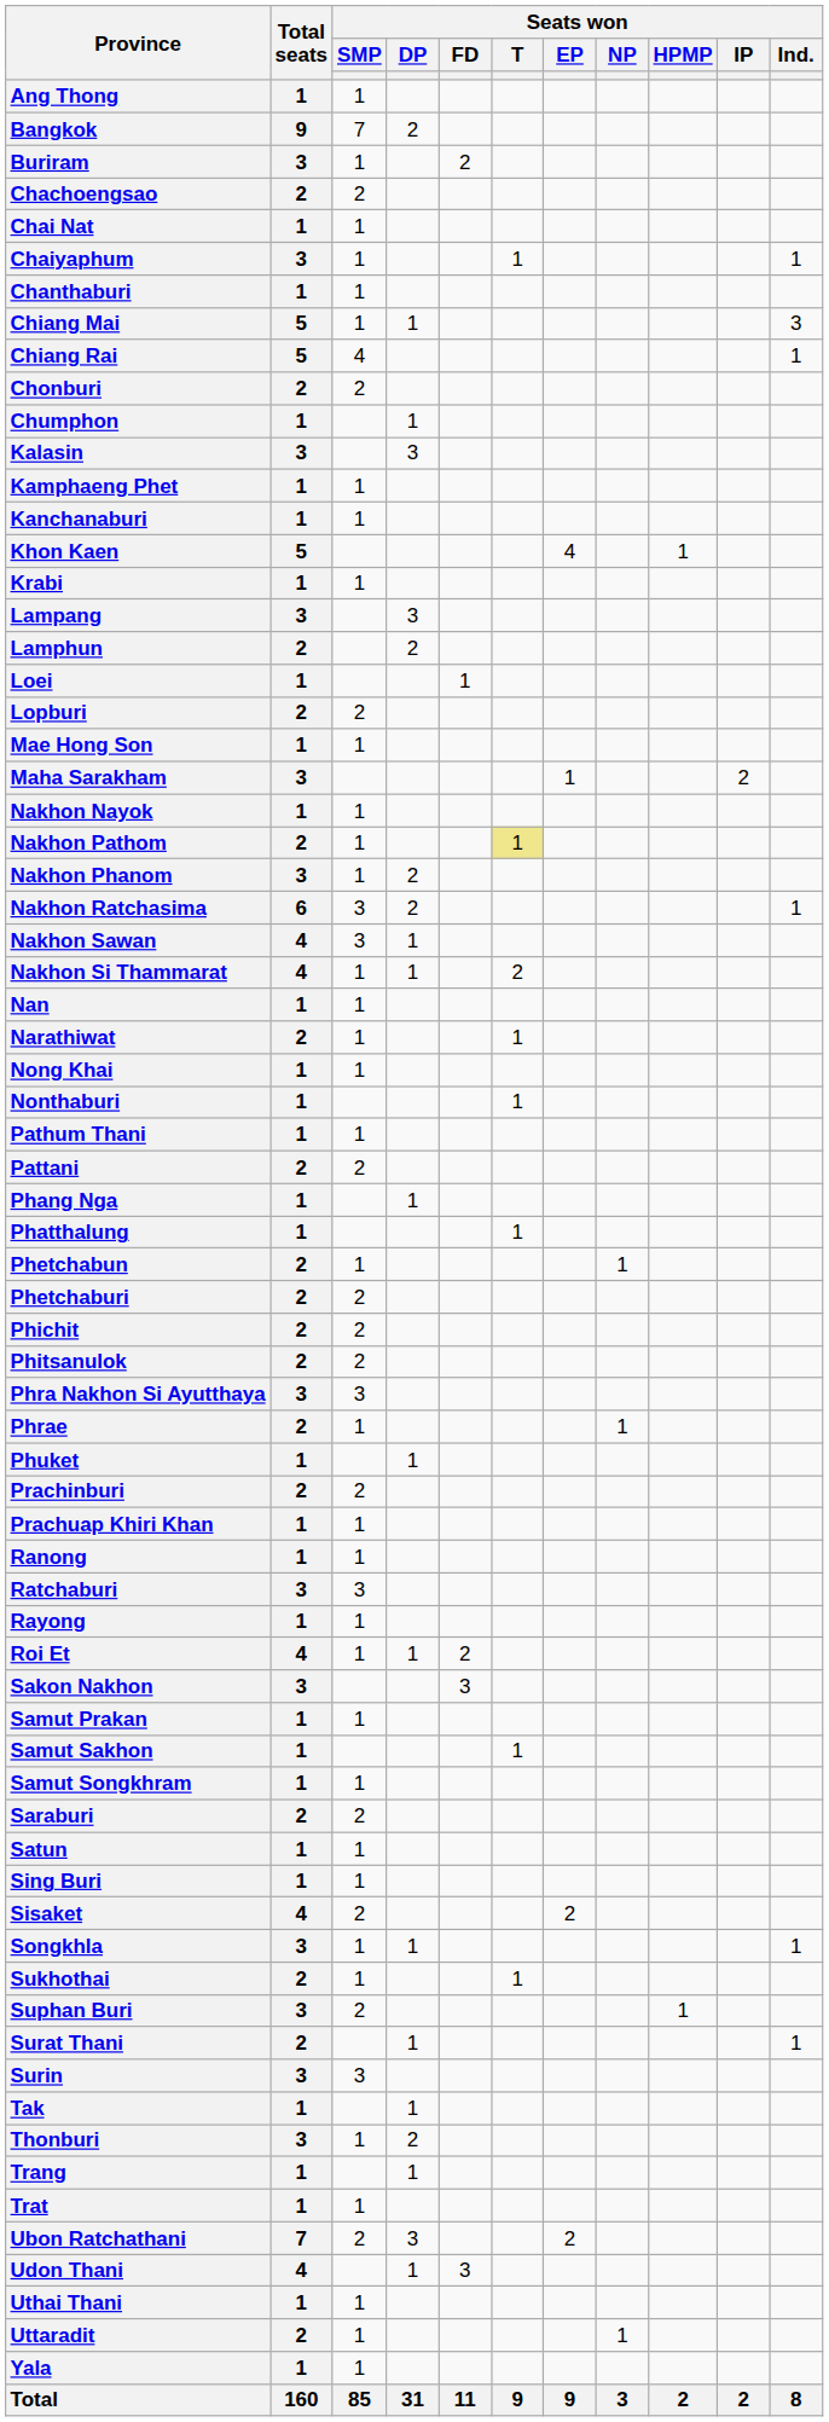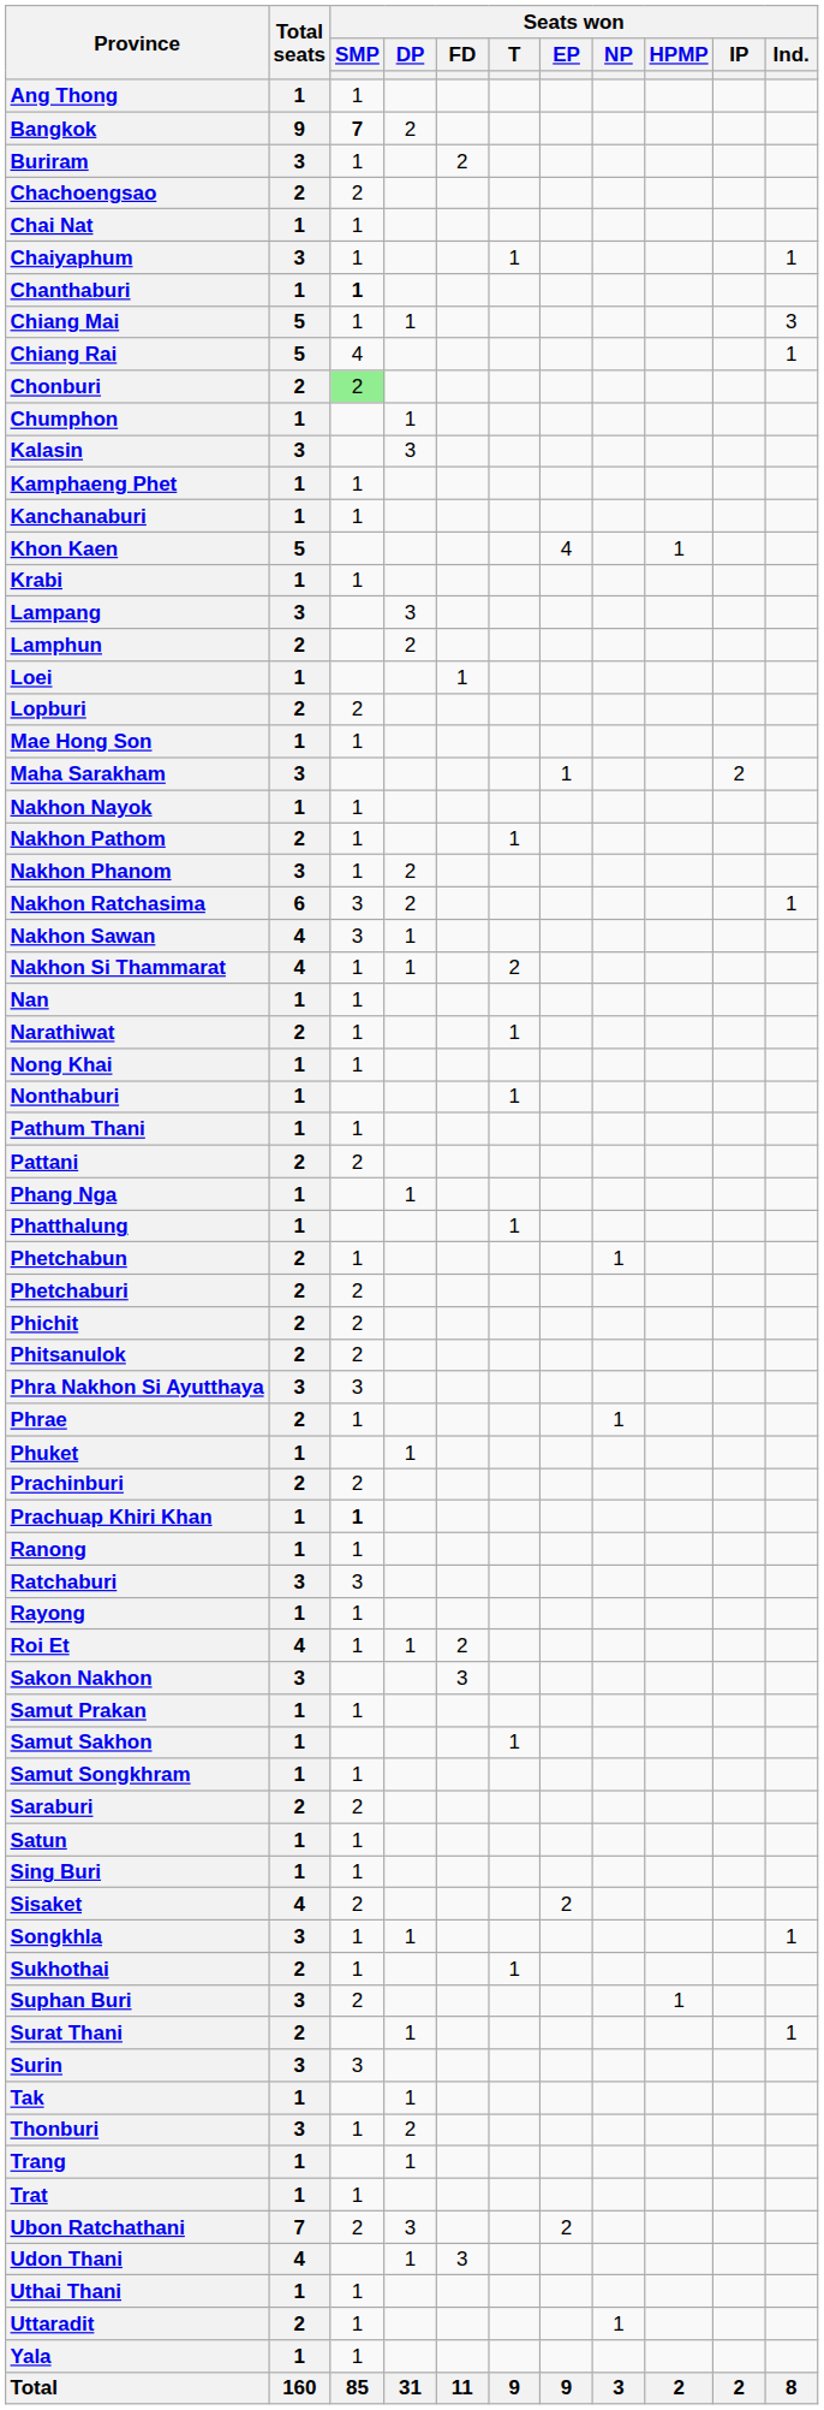 <table class="wikitable" style="text-align:center; font-size: 0.9em;">
 <tr>
 <th rowspan="3">Province</th>
 <th rowspan="3">Total<br>seats</th>
 <th colspan="9">Seats won</th>
 </tr>
 <tr>
 <th class="unsortable" style="width:30px;"><a href='#'>SMP</a></th>
 <th class="unsortable" style="width:30px;"><a href='#'>DP</a></th>
 <th class="unsortable" style="width:30px;">FD</th>
 <th class="unsortable" style="width:30px;">T</th>
 <th class="unsortable" style="width:30px;"><a href='#'>EP</a></th>
 <th class="unsortable" style="width:30px;"><a href='#'>NP</a></th>
 <th class="unsortable" style="width:30px;"><a href='#'>HPMP</a></th>
 <th class="unsortable" style="width:30px;">IP</th>
 <th class="unsortable" style="width:30px;">Ind.</th>
 </tr>
 <tr>
 <th style="background:"></th>
 <th style="background:"></th>
 <th style="background:"></th>
 <th style="background:"></th>
 <th style="background:"></th>
 <th style="background:"></th>
 <th style="background:"></th>
 <th style="background:"></th>
 <th style="background:"></th>
 </tr>
 <tr>
 <th style="text-align: left;"><a href='#'>Ang Thong</a></th>
 <th>1</th>
 <td>1</td>
 <td></td>
 <td></td>
 <td></td>
 <td></td>
 <td></td>
 <td></td>
 <td></td>
 <td></td>
 </tr>
 <tr>
 <th style="text-align: left;"><a href='#'>Bangkok</a></th>
 <th>9</th>
-<td>7</td>
+<td><strong>7</strong></td>
 <td>2</td>
 <td></td>
 <td></td>
 <td></td>
 <td></td>
 <td></td>
 <td></td>
 <td></td>
 </tr>
 <tr>
 <th style="text-align: left;"><a href='#'>Buriram</a></th>
 <th>3</th>
 <td>1</td>
 <td></td>
 <td>2</td>
 <td></td>
 <td></td>
 <td></td>
 <td></td>
 <td></td>
 <td></td>
 </tr>
 <tr>
 <th style="text-align: left;"><a href='#'>Chachoengsao</a></th>
 <th>2</th>
 <td>2</td>
 <td></td>
 <td></td>
 <td></td>
 <td></td>
 <td></td>
 <td></td>
 <td></td>
 <td></td>
 </tr>
 <tr>
 <th style="text-align: left;"><a href='#'>Chai Nat</a></th>
 <th>1</th>
 <td>1</td>
 <td></td>
 <td></td>
 <td></td>
 <td></td>
 <td></td>
 <td></td>
 <td></td>
 <td></td>
 </tr>
 <tr>
 <th style="text-align: left;"><a href='#'>Chaiyaphum</a></th>
 <th>3</th>
 <td>1</td>
 <td></td>
 <td></td>
 <td>1</td>
 <td></td>
 <td></td>
 <td></td>
 <td></td>
 <td>1</td>
 </tr>
 <tr>
 <th style="text-align: left;"><a href='#'>Chanthaburi</a></th>
 <th>1</th>
-<td>1</td>
+<td><strong>1</strong></td>
 <td></td>
 <td></td>
 <td></td>
 <td></td>
 <td></td>
 <td></td>
 <td></td>
 <td></td>
 </tr>
 <tr>
 <th style="text-align: left;"><a href='#'>Chiang Mai</a></th>
 <th>5</th>
 <td>1</td>
 <td>1</td>
 <td></td>
 <td></td>
 <td></td>
 <td></td>
 <td></td>
 <td></td>
 <td>3</td>
 </tr>
 <tr>
 <th style="text-align: left;"><a href='#'>Chiang Rai</a></th>
 <th>5</th>
 <td>4</td>
 <td></td>
 <td></td>
 <td></td>
 <td></td>
 <td></td>
 <td></td>
 <td></td>
 <td>1</td>
 </tr>
 <tr>
 <th style="text-align: left;"><a href='#'>Chonburi</a></th>
 <th>2</th>
-<td>2</td>
+<td style="background: lightgreen;">2</td>
 <td></td>
 <td></td>
 <td></td>
 <td></td>
 <td></td>
 <td></td>
 <td></td>
 <td></td>
 </tr>
 <tr>
 <th style="text-align: left;"><a href='#'>Chumphon</a></th>
 <th>1</th>
 <td></td>
 <td>1</td>
 <td></td>
 <td></td>
 <td></td>
 <td></td>
 <td></td>
 <td></td>
 <td></td>
 </tr>
 <tr>
 <th style="text-align: left;"><a href='#'>Kalasin</a></th>
 <th>3</th>
 <td></td>
 <td>3</td>
 <td></td>
 <td></td>
 <td></td>
 <td></td>
 <td></td>
 <td></td>
 <td></td>
 </tr>
 <tr>
 <th style="text-align: left;"><a href='#'>Kamphaeng Phet</a></th>
 <th>1</th>
 <td>1</td>
 <td></td>
 <td></td>
 <td></td>
 <td></td>
 <td></td>
 <td></td>
 <td></td>
 <td></td>
 </tr>
 <tr>
 <th style="text-align: left;"><a href='#'>Kanchanaburi</a></th>
 <th>1</th>
 <td>1</td>
 <td></td>
 <td></td>
 <td></td>
 <td></td>
 <td></td>
 <td></td>
 <td></td>
 <td></td>
 </tr>
 <tr>
 <th style="text-align: left;"><a href='#'>Khon Kaen</a></th>
 <th>5</th>
 <td></td>
 <td></td>
 <td></td>
 <td></td>
 <td>4</td>
 <td></td>
 <td>1</td>
 <td></td>
 <td></td>
 </tr>
 <tr>
 <th style="text-align: left;"><a href='#'>Krabi</a></th>
 <th>1</th>
 <td>1</td>
 <td></td>
 <td></td>
 <td></td>
 <td></td>
 <td></td>
 <td></td>
 <td></td>
 <td></td>
 </tr>
 <tr>
 <th style="text-align: left;"><a href='#'>Lampang</a></th>
 <th>3</th>
 <td></td>
 <td>3</td>
 <td></td>
 <td></td>
 <td></td>
 <td></td>
 <td></td>
 <td></td>
 <td></td>
 </tr>
 <tr>
 <th style="text-align: left;"><a href='#'>Lamphun</a></th>
 <th>2</th>
 <td></td>
 <td>2</td>
 <td></td>
 <td></td>
 <td></td>
 <td></td>
 <td></td>
 <td></td>
 <td></td>
 </tr>
 <tr>
 <th style="text-align: left;"><a href='#'>Loei</a></th>
 <th>1</th>
 <td></td>
 <td></td>
 <td>1</td>
 <td></td>
 <td></td>
 <td></td>
 <td></td>
 <td></td>
 <td></td>
 </tr>
 <tr>
 <th style="text-align: left;"><a href='#'>Lopburi</a></th>
 <th>2</th>
 <td>2</td>
 <td></td>
 <td></td>
 <td></td>
 <td></td>
 <td></td>
 <td></td>
 <td></td>
 <td></td>
 </tr>
 <tr>
 <th style="text-align: left;"><a href='#'>Mae Hong Son</a></th>
 <th>1</th>
 <td>1</td>
 <td></td>
 <td></td>
 <td></td>
 <td></td>
 <td></td>
 <td></td>
 <td></td>
 <td></td>
 </tr>
 <tr>
 <th style="text-align: left;"><a href='#'>Maha Sarakham</a></th>
 <th>3</th>
 <td></td>
 <td></td>
 <td></td>
 <td></td>
 <td>1</td>
 <td></td>
 <td></td>
 <td>2</td>
 <td></td>
 </tr>
 <tr>
 <th style="text-align: left;"><a href='#'>Nakhon Nayok</a></th>
 <th>1</th>
 <td>1</td>
 <td></td>
 <td></td>
 <td></td>
 <td></td>
 <td></td>
 <td></td>
 <td></td>
 <td></td>
 </tr>
 <tr>
 <th style="text-align: left;"><a href='#'>Nakhon Pathom</a></th>
 <th>2</th>
 <td>1</td>
 <td></td>
 <td></td>
-<td style="background: khaki;">1</td>
+<td>1</td>
 <td></td>
 <td></td>
 <td></td>
 <td></td>
 <td></td>
 </tr>
 <tr>
 <th style="text-align: left;"><a href='#'>Nakhon Phanom</a></th>
 <th>3</th>
 <td>1</td>
 <td>2</td>
 <td></td>
 <td></td>
 <td></td>
 <td></td>
 <td></td>
 <td></td>
 <td></td>
 </tr>
 <tr>
 <th style="text-align: left;"><a href='#'>Nakhon Ratchasima</a></th>
 <th>6</th>
 <td>3</td>
 <td>2</td>
 <td></td>
 <td></td>
 <td></td>
 <td></td>
 <td></td>
 <td></td>
 <td>1</td>
 </tr>
 <tr>
 <th style="text-align: left;"><a href='#'>Nakhon Sawan</a></th>
 <th>4</th>
 <td>3</td>
 <td>1</td>
 <td></td>
 <td></td>
 <td></td>
 <td></td>
 <td></td>
 <td></td>
 <td></td>
 </tr>
 <tr>
 <th style="text-align: left;"><a href='#'>Nakhon Si Thammarat</a></th>
 <th>4</th>
 <td>1</td>
 <td>1</td>
 <td></td>
 <td>2</td>
 <td></td>
 <td></td>
 <td></td>
 <td></td>
 <td></td>
 </tr>
 <tr>
 <th style="text-align: left;"><a href='#'>Nan</a></th>
 <th>1</th>
 <td>1</td>
 <td></td>
 <td></td>
 <td></td>
 <td></td>
 <td></td>
 <td></td>
 <td></td>
 <td></td>
 </tr>
 <tr>
 <th style="text-align: left;"><a href='#'>Narathiwat</a></th>
 <th>2</th>
 <td>1</td>
 <td></td>
 <td></td>
 <td>1</td>
 <td></td>
 <td></td>
 <td></td>
 <td></td>
 <td></td>
 </tr>
 <tr>
 <th style="text-align: left;"><a href='#'>Nong Khai</a></th>
 <th>1</th>
 <td>1</td>
 <td></td>
 <td></td>
 <td></td>
 <td></td>
 <td></td>
 <td></td>
 <td></td>
 <td></td>
 </tr>
 <tr>
 <th style="text-align: left;"><a href='#'>Nonthaburi</a></th>
 <th>1</th>
 <td></td>
 <td></td>
 <td></td>
 <td>1</td>
 <td></td>
 <td></td>
 <td></td>
 <td></td>
 <td></td>
 </tr>
 <tr>
 <th style="text-align: left;"><a href='#'>Pathum Thani</a></th>
 <th>1</th>
 <td>1</td>
 <td></td>
 <td></td>
 <td></td>
 <td></td>
 <td></td>
 <td></td>
 <td></td>
 <td></td>
 </tr>
 <tr>
 <th style="text-align: left;"><a href='#'>Pattani</a></th>
 <th>2</th>
 <td>2</td>
 <td></td>
 <td></td>
 <td></td>
 <td></td>
 <td></td>
 <td></td>
 <td></td>
 <td></td>
 </tr>
 <tr>
 <th style="text-align: left;"><a href='#'>Phang Nga</a></th>
 <th>1</th>
 <td></td>
 <td>1</td>
 <td></td>
 <td></td>
 <td></td>
 <td></td>
 <td></td>
 <td></td>
 <td></td>
 </tr>
 <tr>
 <th style="text-align: left;"><a href='#'>Phatthalung</a></th>
 <th>1</th>
 <td></td>
 <td></td>
 <td></td>
 <td>1</td>
 <td></td>
 <td></td>
 <td></td>
 <td></td>
 <td></td>
 </tr>
 <tr>
 <th style="text-align: left;"><a href='#'>Phetchabun</a></th>
 <th>2</th>
 <td>1</td>
 <td></td>
 <td></td>
 <td></td>
 <td></td>
 <td>1</td>
 <td></td>
 <td></td>
 <td></td>
 </tr>
 <tr>
 <th style="text-align: left;"><a href='#'>Phetchaburi</a></th>
 <th>2</th>
 <td>2</td>
 <td></td>
 <td></td>
 <td></td>
 <td></td>
 <td></td>
 <td></td>
 <td></td>
 <td></td>
 </tr>
 <tr>
 <th style="text-align: left;"><a href='#'>Phichit</a></th>
 <th>2</th>
 <td>2</td>
 <td></td>
 <td></td>
 <td></td>
 <td></td>
 <td></td>
 <td></td>
 <td></td>
 <td></td>
 </tr>
 <tr>
 <th style="text-align: left;"><a href='#'>Phitsanulok</a></th>
 <th>2</th>
 <td>2</td>
 <td></td>
 <td></td>
 <td></td>
 <td></td>
 <td></td>
 <td></td>
 <td></td>
 <td></td>
 </tr>
 <tr>
 <th style="text-align: left;"><a href='#'>Phra Nakhon Si Ayutthaya</a></th>
 <th>3</th>
 <td>3</td>
 <td></td>
 <td></td>
 <td></td>
 <td></td>
 <td></td>
 <td></td>
 <td></td>
 <td></td>
 </tr>
 <tr>
 <th style="text-align: left;"><a href='#'>Phrae</a></th>
 <th>2</th>
 <td>1</td>
 <td></td>
 <td></td>
 <td></td>
 <td></td>
 <td>1</td>
 <td></td>
 <td></td>
 <td></td>
 </tr>
 <tr>
 <th style="text-align: left;"><a href='#'>Phuket</a></th>
 <th>1</th>
 <td></td>
 <td>1</td>
 <td></td>
 <td></td>
 <td></td>
 <td></td>
 <td></td>
 <td></td>
 <td></td>
 </tr>
 <tr>
 <th style="text-align: left;"><a href='#'>Prachinburi</a></th>
 <th>2</th>
 <td>2</td>
 <td></td>
 <td></td>
 <td></td>
 <td></td>
 <td></td>
 <td></td>
 <td></td>
 <td></td>
 </tr>
 <tr>
 <th style="text-align: left;"><a href='#'>Prachuap Khiri Khan</a></th>
 <th>1</th>
-<td>1</td>
+<td><strong>1</strong></td>
 <td></td>
 <td></td>
 <td></td>
 <td></td>
 <td></td>
 <td></td>
 <td></td>
 <td></td>
 </tr>
 <tr>
 <th style="text-align: left;"><a href='#'>Ranong</a></th>
 <th>1</th>
 <td>1</td>
 <td></td>
 <td></td>
 <td></td>
 <td></td>
 <td></td>
 <td></td>
 <td></td>
 <td></td>
 </tr>
 <tr>
 <th style="text-align: left;"><a href='#'>Ratchaburi</a></th>
 <th>3</th>
 <td>3</td>
 <td></td>
 <td></td>
 <td></td>
 <td></td>
 <td></td>
 <td></td>
 <td></td>
 <td></td>
 </tr>
 <tr>
 <th style="text-align: left;"><a href='#'>Rayong</a></th>
 <th>1</th>
 <td>1</td>
 <td></td>
 <td></td>
 <td></td>
 <td></td>
 <td></td>
 <td></td>
 <td></td>
 <td></td>
 </tr>
 <tr>
 <th style="text-align: left;"><a href='#'>Roi Et</a></th>
 <th>4</th>
 <td>1</td>
 <td>1</td>
 <td>2</td>
 <td></td>
 <td></td>
 <td></td>
 <td></td>
 <td></td>
 <td></td>
 </tr>
 <tr>
 <th style="text-align: left;"><a href='#'>Sakon Nakhon</a></th>
 <th>3</th>
 <td></td>
 <td></td>
 <td>3</td>
 <td></td>
 <td></td>
 <td></td>
 <td></td>
 <td></td>
 <td></td>
 </tr>
 <tr>
 <th style="text-align: left;"><a href='#'>Samut Prakan</a></th>
 <th>1</th>
 <td>1</td>
 <td></td>
 <td></td>
 <td></td>
 <td></td>
 <td></td>
 <td></td>
 <td></td>
 <td></td>
 </tr>
 <tr>
 <th style="text-align: left;"><a href='#'>Samut Sakhon</a></th>
 <th>1</th>
 <td></td>
 <td></td>
 <td></td>
 <td>1</td>
 <td></td>
 <td></td>
 <td></td>
 <td></td>
 <td></td>
 </tr>
 <tr>
 <th style="text-align: left;"><a href='#'>Samut Songkhram</a></th>
 <th>1</th>
 <td>1</td>
 <td></td>
 <td></td>
 <td></td>
 <td></td>
 <td></td>
 <td></td>
 <td></td>
 <td></td>
 </tr>
 <tr>
 <th style="text-align: left;"><a href='#'>Saraburi</a></th>
 <th>2</th>
 <td>2</td>
 <td></td>
 <td></td>
 <td></td>
 <td></td>
 <td></td>
 <td></td>
 <td></td>
 <td></td>
 </tr>
 <tr>
 <th style="text-align: left;"><a href='#'>Satun</a></th>
 <th>1</th>
 <td>1</td>
 <td></td>
 <td></td>
 <td></td>
 <td></td>
 <td></td>
 <td></td>
 <td></td>
 <td></td>
 </tr>
 <tr>
 <th style="text-align: left;"><a href='#'>Sing Buri</a></th>
 <th>1</th>
 <td>1</td>
 <td></td>
 <td></td>
 <td></td>
 <td></td>
 <td></td>
 <td></td>
 <td></td>
 <td></td>
 </tr>
 <tr>
 <th style="text-align: left;"><a href='#'>Sisaket</a></th>
 <th>4</th>
 <td>2</td>
 <td></td>
 <td></td>
 <td></td>
 <td>2</td>
 <td></td>
 <td></td>
 <td></td>
 <td></td>
 </tr>
 <tr>
 <th style="text-align: left;"><a href='#'>Songkhla</a></th>
 <th>3</th>
 <td>1</td>
 <td>1</td>
 <td></td>
 <td></td>
 <td></td>
 <td></td>
 <td></td>
 <td></td>
 <td>1</td>
 </tr>
 <tr>
 <th style="text-align: left;"><a href='#'>Sukhothai</a></th>
 <th>2</th>
 <td>1</td>
 <td></td>
 <td></td>
 <td>1</td>
 <td></td>
 <td></td>
 <td></td>
 <td></td>
 <td></td>
 </tr>
 <tr>
 <th style="text-align: left;"><a href='#'>Suphan Buri</a></th>
 <th>3</th>
 <td>2</td>
 <td></td>
 <td></td>
 <td></td>
 <td></td>
 <td></td>
 <td>1</td>
 <td></td>
 <td></td>
 </tr>
 <tr>
 <th style="text-align: left;"><a href='#'>Surat Thani</a></th>
 <th>2</th>
 <td></td>
 <td>1</td>
 <td></td>
 <td></td>
 <td></td>
 <td></td>
 <td></td>
 <td></td>
 <td>1</td>
 </tr>
 <tr>
 <th style="text-align: left;"><a href='#'>Surin</a></th>
 <th>3</th>
 <td>3</td>
 <td></td>
 <td></td>
 <td></td>
 <td></td>
 <td></td>
 <td></td>
 <td></td>
 <td></td>
 </tr>
 <tr>
 <th style="text-align: left;"><a href='#'>Tak</a></th>
 <th>1</th>
 <td></td>
 <td>1</td>
 <td></td>
 <td></td>
 <td></td>
 <td></td>
 <td></td>
 <td></td>
 <td></td>
 </tr>
 <tr>
 <th style="text-align: left;"><a href='#'>Thonburi</a></th>
 <th>3</th>
 <td>1</td>
 <td>2</td>
 <td></td>
 <td></td>
 <td></td>
 <td></td>
 <td></td>
 <td></td>
 <td></td>
 </tr>
 <tr>
 <th style="text-align: left;"><a href='#'>Trang</a></th>
 <th>1</th>
 <td></td>
 <td>1</td>
 <td></td>
 <td></td>
 <td></td>
 <td></td>
 <td></td>
 <td></td>
 <td></td>
 </tr>
 <tr>
 <th style="text-align: left;"><a href='#'>Trat</a></th>
 <th>1</th>
 <td>1</td>
 <td></td>
 <td></td>
 <td></td>
 <td></td>
 <td></td>
 <td></td>
 <td></td>
 <td></td>
 </tr>
 <tr>
 <th style="text-align: left;"><a href='#'>Ubon Ratchathani</a></th>
 <th>7</th>
 <td>2</td>
 <td>3</td>
 <td></td>
 <td></td>
 <td>2</td>
 <td></td>
 <td></td>
 <td></td>
 <td></td>
 </tr>
 <tr>
 <th style="text-align: left;"><a href='#'>Udon Thani</a></th>
 <th>4</th>
 <td></td>
 <td>1</td>
 <td>3</td>
 <td></td>
 <td></td>
 <td></td>
 <td></td>
 <td></td>
 <td></td>
 </tr>
 <tr>
 <th style="text-align: left;"><a href='#'>Uthai Thani</a></th>
 <th>1</th>
 <td>1</td>
 <td></td>
 <td></td>
 <td></td>
 <td></td>
 <td></td>
 <td></td>
 <td></td>
 <td></td>
 </tr>
 <tr>
 <th style="text-align: left;"><a href='#'>Uttaradit</a></th>
 <th>2</th>
 <td>1</td>
 <td></td>
 <td></td>
 <td></td>
 <td></td>
 <td>1</td>
 <td></td>
 <td></td>
 <td></td>
 </tr>
 <tr>
 <th style="text-align: left;"><a href='#'>Yala</a></th>
 <th>1</th>
 <td>1</td>
 <td></td>
 <td></td>
 <td></td>
 <td></td>
 <td></td>
 <td></td>
 <td></td>
 <td></td>
 </tr>
 <tr class="sortbottom">
 <th style="text-align: left;">Total</th>
 <th>160</th>
 <th>85</th>
 <th>31</th>
 <th>11</th>
 <th>9</th>
 <th>9</th>
 <th>3</th>
 <th>2</th>
 <th>2</th>
 <th>8</th>
 </tr>
 </table>
